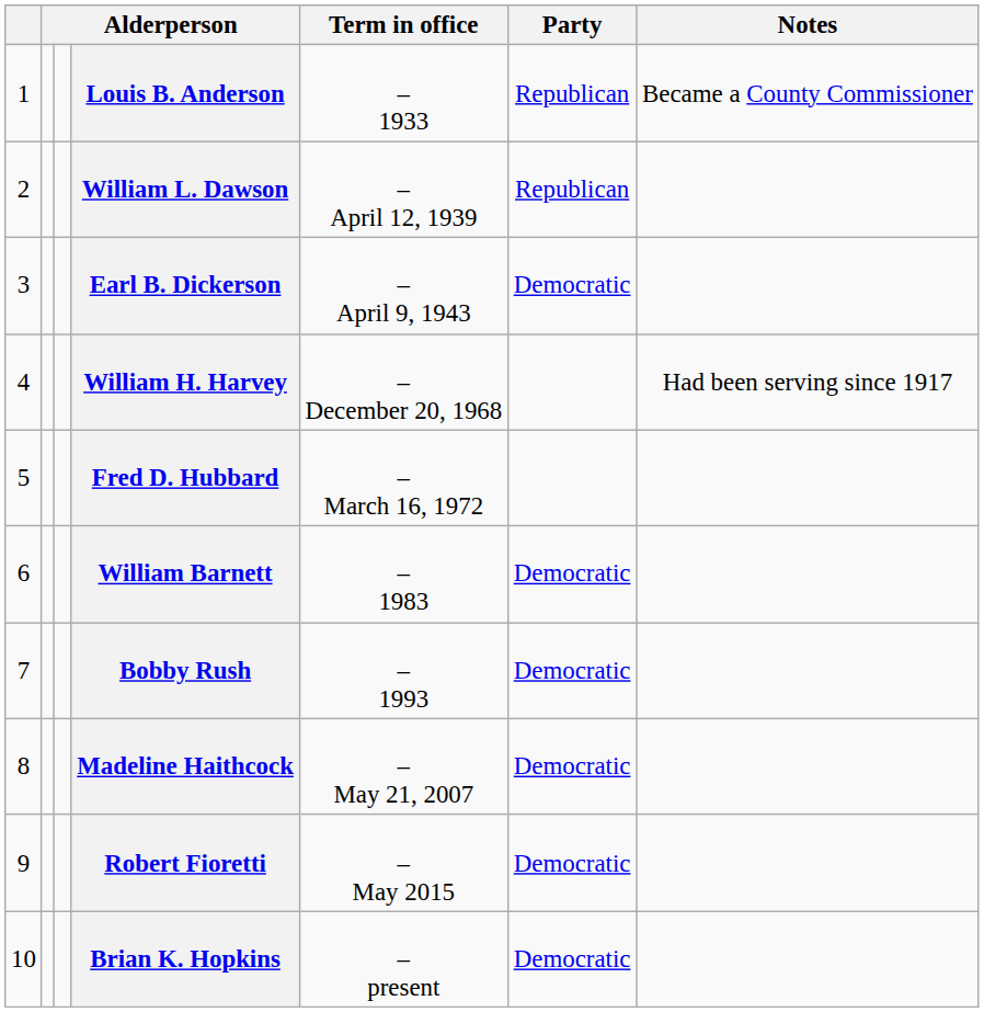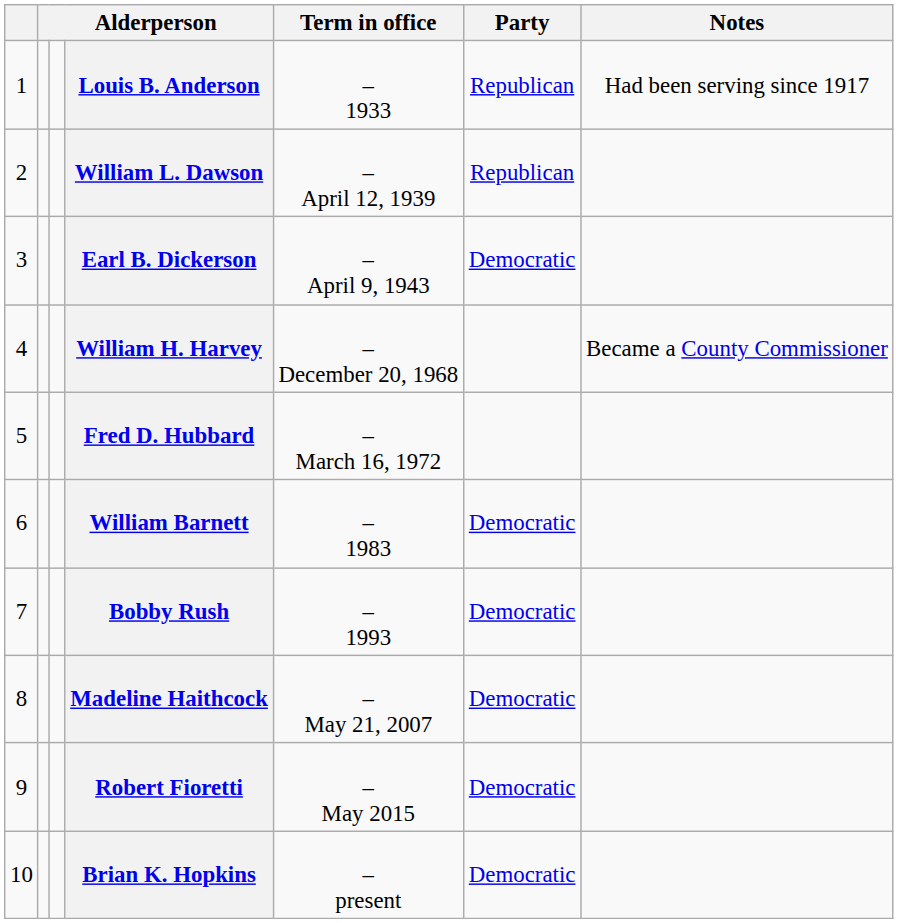 <table class="wikitable sortable" style="text-align:center;">
 <tr>
 <th scope="col"></th>
 <th scope="col" colspan="3">Alderperson</th>
 <th scope="col">Term in office</th>
 <th scope="col">Party</th>
 <th scope="col">Notes</th>
 </tr>
 <tr style="height:2em;">
 <td>1</td>
 <td></td>
 <td> </td>
 <th scope="row"><a href='#'>Louis B. Anderson</a></th>
 <td><br>–<br>1933</td>
 <td><a href='#'>Republican</a></td>
-<td>Became a <a href='#'>County Commissioner</a></td>
+<td>Had been serving since 1917</td>
 </tr>
 <tr style="height:2em;">
 <td>2</td>
 <td></td>
 <td> </td>
 <th scope="row"><a href='#'>William L. Dawson</a></th>
 <td><br>–<br>April 12, 1939</td>
 <td><a href='#'>Republican</a></td>
 <td></td>
 </tr>
 <tr style="height:2em;">
 <td>3</td>
 <td></td>
 <td> </td>
 <th scope="row"><a href='#'>Earl B. Dickerson</a></th>
 <td><br>–<br>April 9, 1943</td>
 <td><a href='#'>Democratic</a></td>
 <td></td>
 </tr>
 <tr style="height:2em;">
 <td>4</td>
 <td></td>
 <td></td>
 <th scope="row"><a href='#'>William H. Harvey</a></th>
 <td><br>–<br>December 20, 1968</td>
 <td></td>
-<td>Had been serving since 1917</td>
+<td>Became a <a href='#'>County Commissioner</a></td>
 </tr>
 <tr style="height:2em;">
 <td>5</td>
 <td></td>
 <td></td>
 <th scope="row"><a href='#'>Fred D. Hubbard</a></th>
 <td><br>–<br>March 16, 1972</td>
 <td></td>
 <td></td>
 </tr>
 <tr style="height:2em;">
 <td>6</td>
 <td></td>
 <td> </td>
 <th scope="row"><a href='#'>William Barnett</a></th>
 <td><br>–<br>1983</td>
 <td><a href='#'>Democratic</a></td>
 <td></td>
 </tr>
 <tr style="height:2em;">
 <td>7</td>
 <td></td>
 <td> </td>
 <th scope="row"><a href='#'>Bobby Rush</a></th>
 <td><br>–<br>1993</td>
 <td><a href='#'>Democratic</a></td>
 <td></td>
 </tr>
 <tr style="height:2em;">
 <td>8</td>
 <td></td>
 <td> </td>
 <th scope="row"><a href='#'>Madeline Haithcock</a></th>
 <td><br>–<br>May 21, 2007</td>
 <td><a href='#'>Democratic</a></td>
 <td></td>
 </tr>
 <tr style="height:2em;">
 <td>9</td>
 <td></td>
 <td> </td>
 <th scope="row"><a href='#'>Robert Fioretti</a></th>
 <td><br>–<br>May 2015</td>
 <td><a href='#'>Democratic</a></td>
 <td></td>
 </tr>
 <tr style="height:2em;">
 <td>10</td>
 <td></td>
 <td> </td>
 <th scope="row"><a href='#'>Brian K. Hopkins</a></th>
 <td><br>–<br>present</td>
 <td><a href='#'>Democratic</a></td>
 <td></td>
 </tr>
 </table>
